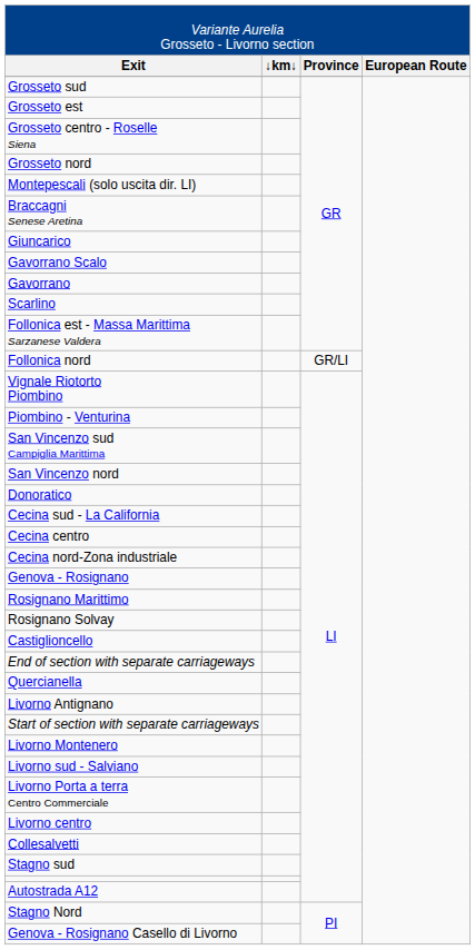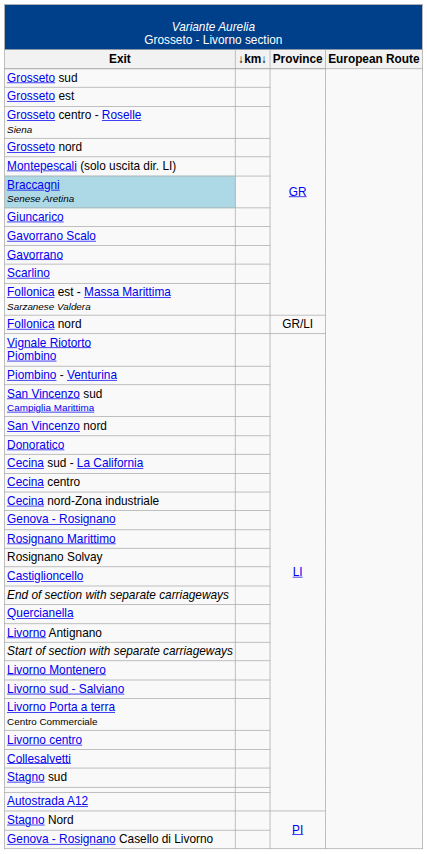 <table class="wikitable">
 <tr align="center" bgcolor="00408B" style="color: white;font-size:100%;">
 <td colspan="6"><br><em>Variante Aurelia</em><br>Grosseto - Livorno section</td>
 </tr>
 <tr>
 <th style="text-align:center;"><strong>Exit</strong></th>
 <th style="text-align:center;"><strong>↓km↓</strong></th>
 <th align="center"><strong>Province</strong></th>
 <th align="center"><strong>European Route</strong></th>
 </tr>
 <tr>
 </tr>
 <tr>
 <td> <a href='#'>Grosseto</a> sud</td>
 <td align="right"></td>
 <td rowspan="11" align="center"><a href='#'>GR</a></td>
 </tr>
 <tr>
 <td> <a href='#'>Grosseto</a> est</td>
 <td align="right"></td>
 </tr>
 <tr>
 <td> <a href='#'>Grosseto</a> centro - <a href='#'>Roselle</a><br><small> <em> Siena</em></small></td>
 <td align="right"></td>
 </tr>
 <tr>
 <td> <a href='#'>Grosseto</a> nord</td>
 <td align="right"></td>
 </tr>
 <tr>
 <td> <a href='#'>Montepescali</a> (solo uscita dir. LI)</td>
 <td align="right"></td>
 </tr>
 <tr>
-<td> <a href='#'>Braccagni</a><br><small> <em>Senese Aretina</em></small></td>
+<td style="background: lightblue;"> <a href='#'>Braccagni</a><br><small> <em>Senese Aretina</em></small></td>
 <td align="right"></td>
 </tr>
 <tr>
 <td> <a href='#'>Giuncarico</a></td>
 <td align="right"></td>
 </tr>
 <tr>
 <td> <a href='#'>Gavorrano Scalo</a></td>
 <td align="right"></td>
 </tr>
 <tr>
 <td> <a href='#'>Gavorrano</a></td>
 <td align="right"></td>
 </tr>
 <tr>
 <td> <a href='#'>Scarlino</a></td>
 <td align="right"></td>
 </tr>
 <tr>
 <td> <a href='#'>Follonica</a> est - <a href='#'>Massa Marittima</a> <br><small> <em>Sarzanese Valdera</em></small></td>
 <td align="right"></td>
 </tr>
 <tr>
 <td> <a href='#'>Follonica</a> nord</td>
 <td align="right"></td>
 <td align="center">GR/LI</td>
 </tr>
 <tr>
 <td> <a href='#'>Vignale Riotorto</a> <br><a href='#'>Piombino</a></td>
 <td align="right"></td>
 <td rowspan="24" align="center"><a href='#'>LI</a></td>
 </tr>
 <tr>
 <td> <a href='#'>Piombino</a> - <a href='#'>Venturina</a></td>
 <td align="right"></td>
 </tr>
 <tr>
 <td> <a href='#'>San Vincenzo</a> sud <br><small><a href='#'>Campiglia Marittima</a></small></td>
 <td align="right"></td>
 </tr>
 <tr>
 <td> <a href='#'>San Vincenzo</a> nord</td>
 <td align="right"></td>
 </tr>
 <tr>
 <td> <a href='#'>Donoratico</a></td>
 <td align="right"></td>
 </tr>
 <tr>
 <td> <a href='#'>Cecina</a> sud - <a href='#'>La California</a></td>
 <td align="right"></td>
 </tr>
 <tr>
 <td> <a href='#'>Cecina</a> centro</td>
 <td align="right"></td>
 </tr>
 <tr>
 <td> <a href='#'>Cecina</a> nord-Zona industriale</td>
 <td align="right"></td>
 </tr>
 <tr>
 <td>   <a href='#'>Genova - Rosignano</a></td>
 <td align="right"></td>
 </tr>
 <tr>
 <td> <a href='#'>Rosignano Marittimo</a></td>
 <td align="right"></td>
 </tr>
 <tr>
 <td> Rosignano Solvay</td>
 <td align="right"></td>
 </tr>
 <tr>
 <td> <a href='#'>Castiglioncello</a></td>
 <td align="right"></td>
 </tr>
 <tr>
 <td> <em>End of section with separate carriageways</em></td>
 <td align="right"></td>
 </tr>
 <tr>
 <td> <a href='#'>Quercianella</a></td>
 <td align="right"></td>
 </tr>
 <tr>
 <td> <a href='#'>Livorno</a> Antignano</td>
 <td align="right"></td>
 </tr>
 <tr>
 <td> <em>Start of section with separate carriageways</em></td>
 <td align="right"></td>
 </tr>
 <tr>
 <td> <a href='#'>Livorno Montenero</a></td>
 <td align="right"></td>
 </tr>
 <tr>
 <td> <a href='#'>Livorno sud - Salviano</a></td>
 <td align="right"></td>
 </tr>
 <tr>
 <td> <a href='#'>Livorno Porta a terra</a><br><small> Centro Commerciale</small></td>
 <td align="right"></td>
 </tr>
 <tr>
 <td> <a href='#'>Livorno centro</a></td>
 <td align="right"></td>
 </tr>
 <tr>
 <td> <a href='#'>Collesalvetti</a></td>
 <td align="right"></td>
 </tr>
 <tr>
 <td> <a href='#'>Stagno</a> sud</td>
 <td align="right"></td>
 </tr>
 <tr>
 <td> </td>
 <td align="right"></td>
 </tr>
 <tr>
 <td>  <a href='#'>Autostrada A12</a></td>
 <td align="right"><br></td>
 </tr>
 <tr>
 <td> <a href='#'>Stagno</a> Nord</td>
 <td align="right"></td>
 <td rowspan="2" align="center"><a href='#'>PI</a></td>
 </tr>
 <tr>
 <td>   <a href='#'>Genova - Rosignano</a> Casello di Livorno</td>
 <td align="right"></td>
 </tr>
 </table>
